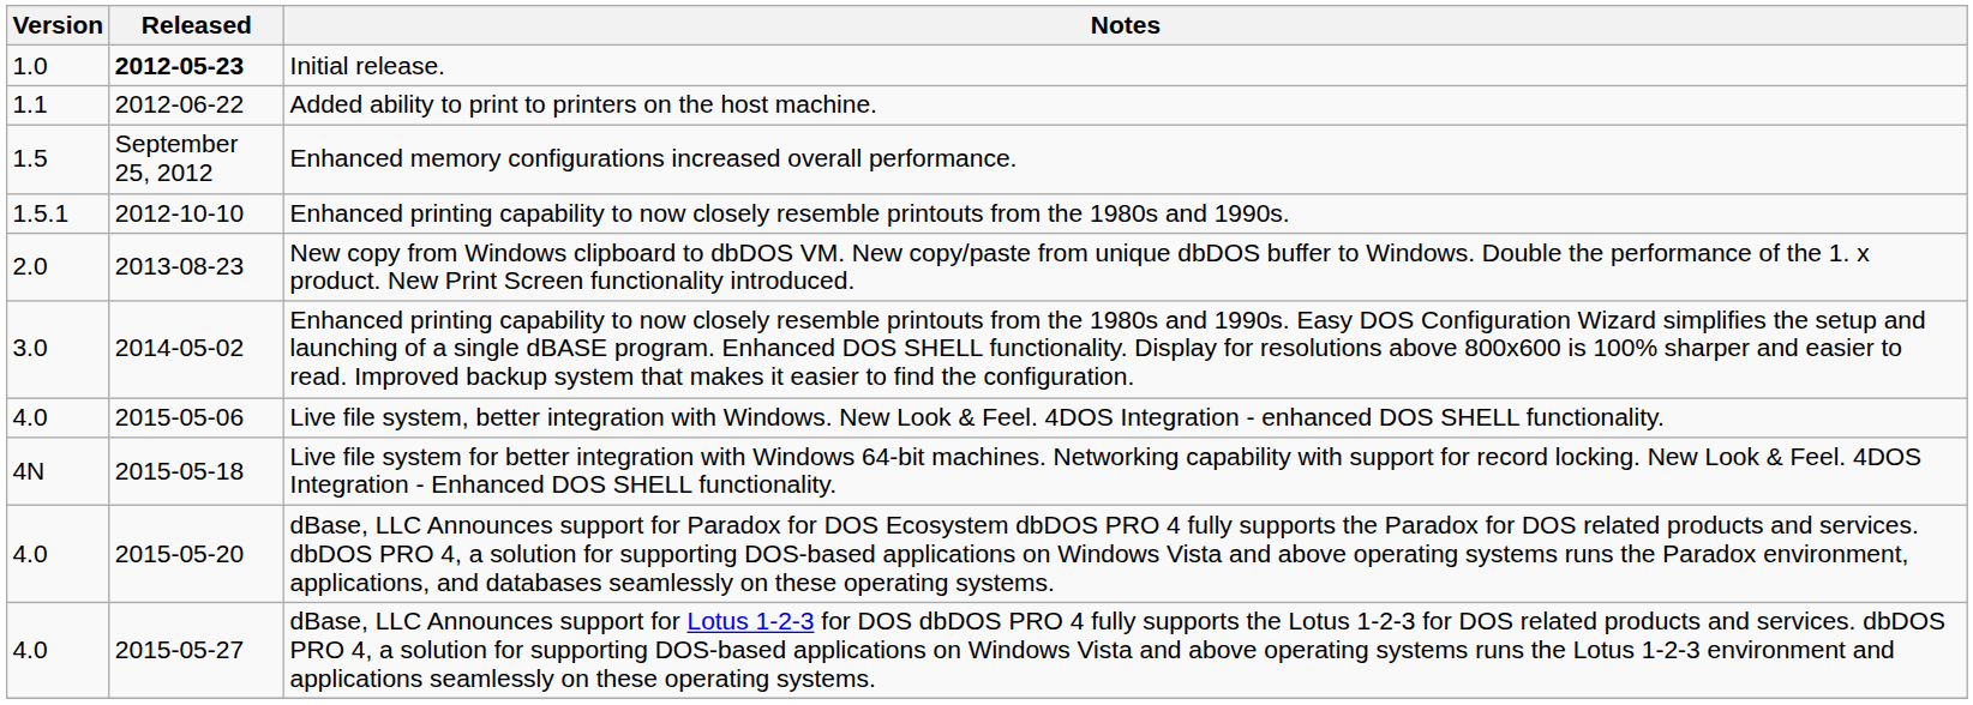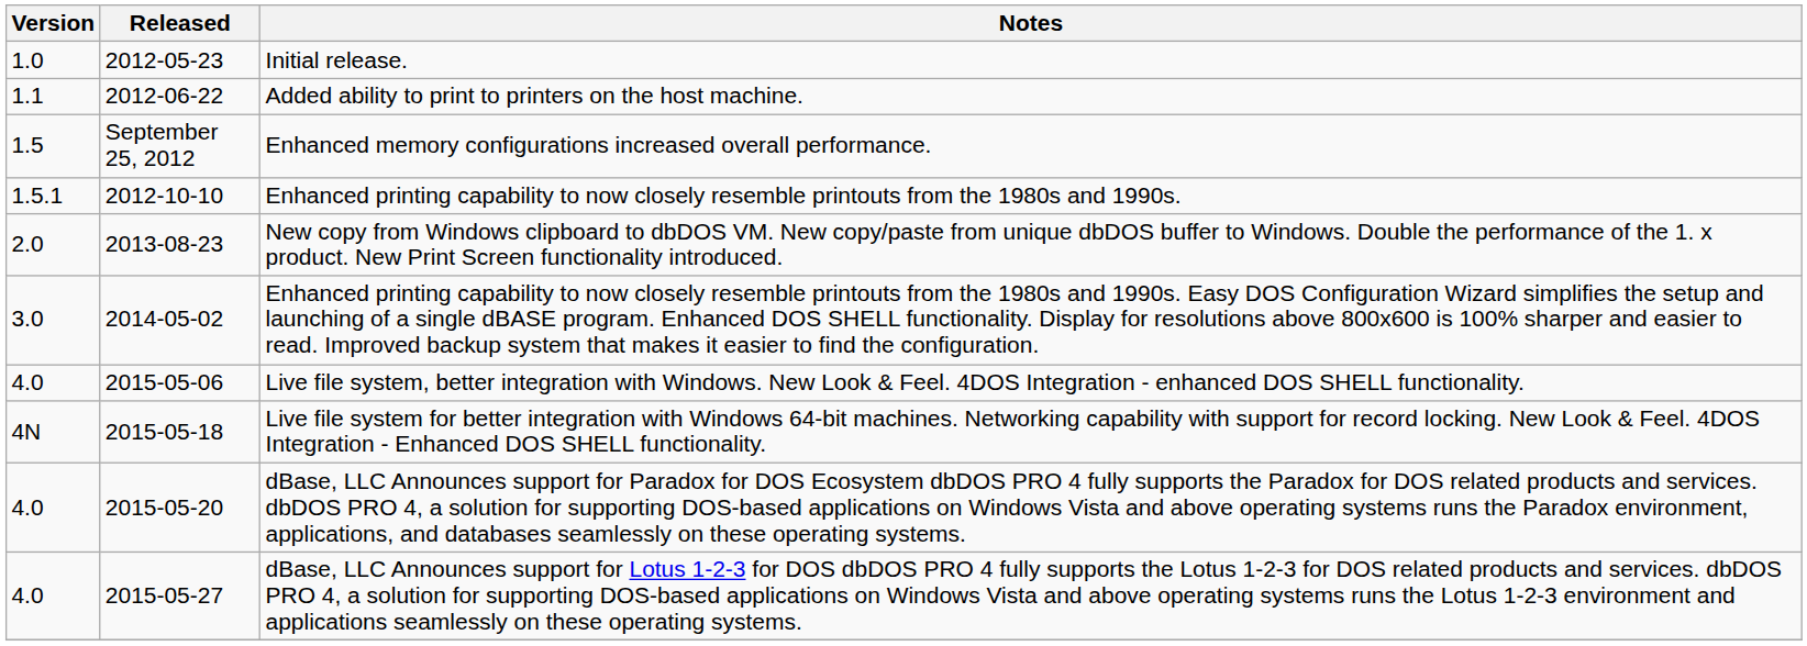 <table class="wikitable" style="float:center; margin:0 0 0.5em 1em;">
 <tr>
 <th>Version</th>
 <th>Released</th>
 <th>Notes</th>
 </tr>
 <tr>
 <td>1.0</td>
-<td><strong>2012-05-23</strong></td>
+<td>2012-05-23</td>
 <td>Initial release.</td>
 </tr>
 <tr>
 <td>1.1</td>
 <td>2012-06-22</td>
 <td>Added ability to print to printers on the host machine.</td>
 </tr>
 <tr>
 <td>1.5</td>
 <td>September 25, 2012</td>
 <td>Enhanced memory configurations increased overall performance.</td>
 </tr>
 <tr>
 <td>1.5.1</td>
 <td>2012-10-10</td>
 <td>Enhanced printing capability to now closely resemble printouts from the 1980s and 1990s.</td>
 </tr>
 <tr>
 <td>2.0</td>
 <td>2013-08-23</td>
 <td>New copy from Windows clipboard to dbDOS VM.  New copy/paste from unique dbDOS buffer to Windows.  Double the performance of the 1. x product.  New Print Screen functionality introduced.</td>
 </tr>
 <tr>
 <td>3.0</td>
 <td>2014-05-02</td>
 <td>Enhanced printing capability to now closely resemble printouts from the 1980s and 1990s.  Easy DOS Configuration Wizard simplifies the setup and launching of a single dBASE program.  Enhanced DOS SHELL functionality.  Display for resolutions above 800x600 is 100% sharper and easier to read.  Improved backup system that makes it easier to find the configuration.</td>
 </tr>
 <tr>
 <td>4.0</td>
 <td>2015-05-06</td>
 <td>Live file system, better integration with Windows. New Look & Feel. 4DOS Integration - enhanced DOS SHELL functionality.</td>
 </tr>
 <tr>
 <td>4N</td>
 <td>2015-05-18</td>
 <td>Live file system for better integration with Windows 64-bit machines.  Networking capability with support for record locking.  New Look & Feel. 4DOS Integration - Enhanced DOS SHELL functionality.</td>
 </tr>
 <tr>
 <td>4.0</td>
 <td>2015-05-20</td>
 <td>dBase, LLC Announces support for Paradox for DOS Ecosystem dbDOS PRO 4 fully supports the Paradox for DOS related products and services.  dbDOS PRO 4,  a solution for supporting DOS-based applications on Windows Vista and above operating systems runs the Paradox environment, applications, and databases seamlessly on these operating systems.</td>
 </tr>
 <tr>
 <td>4.0</td>
 <td>2015-05-27</td>
 <td>dBase, LLC Announces support for <a href='#'>Lotus 1-2-3</a> for DOS dbDOS PRO 4 fully supports the Lotus 1-2-3 for DOS related products and services. dbDOS PRO 4, a solution for supporting DOS-based applications on Windows Vista and above operating systems runs the Lotus 1-2-3 environment and applications seamlessly on these operating systems.</td>
 </tr>
 <tr>
 </tr>
 </table>
